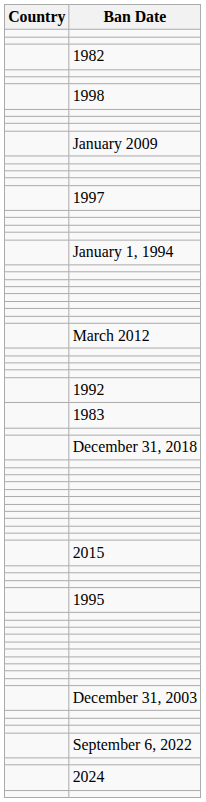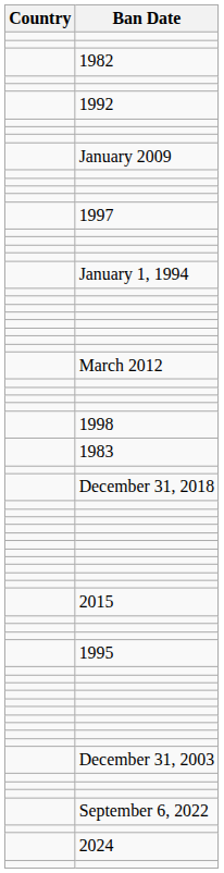 <table class="wikitable sortable">
 <tr>
 <th>Country</th>
 <th>Ban Date</th>
 </tr>
 <tr>
 <td></td>
 <td></td>
 </tr>
 <tr>
 <td></td>
 <td></td>
 </tr>
 <tr>
 <td></td>
 <td>1982</td>
 </tr>
 <tr>
 <td></td>
 <td></td>
 </tr>
 <tr>
 <td></td>
 <td></td>
 </tr>
 <tr>
 <td></td>
-<td>1998</td>
+<td>1992</td>
 </tr>
 <tr>
 <td></td>
 <td></td>
 </tr>
 <tr>
 <td></td>
 <td></td>
 </tr>
 <tr>
 <td></td>
 <td></td>
 </tr>
 <tr>
 <td></td>
 <td>January 2009</td>
 </tr>
 <tr>
 <td></td>
 <td></td>
 </tr>
 <tr>
 <td></td>
 <td></td>
 </tr>
 <tr>
 <td></td>
 <td></td>
 </tr>
 <tr>
 <td></td>
 <td></td>
 </tr>
 <tr>
 <td></td>
 <td>1997</td>
 </tr>
 <tr>
 <td></td>
 <td></td>
 </tr>
 <tr>
 <td></td>
 <td></td>
 </tr>
 <tr>
 <td></td>
 <td></td>
 </tr>
 <tr>
 <td></td>
 <td></td>
 </tr>
 <tr>
 <td></td>
 <td>January 1, 1994</td>
 </tr>
 <tr>
 <td></td>
 <td></td>
 </tr>
 <tr>
 <td></td>
 <td></td>
 </tr>
 <tr>
 <td></td>
 <td></td>
 </tr>
 <tr>
 <td></td>
 <td></td>
 </tr>
 <tr>
 <td></td>
 <td></td>
 </tr>
 <tr>
 <td></td>
 <td></td>
 </tr>
 <tr>
 <td></td>
 <td></td>
 </tr>
 <tr>
 <td></td>
 <td></td>
 </tr>
 <tr>
 <td></td>
 <td>March 2012</td>
 </tr>
 <tr>
 <td></td>
 <td></td>
 </tr>
 <tr>
 <td></td>
 <td></td>
 </tr>
 <tr>
 <td></td>
 <td></td>
 </tr>
 <tr>
 <td></td>
 <td></td>
 </tr>
 <tr>
 <td></td>
-<td>1992</td>
+<td>1998</td>
 </tr>
 <tr>
 <td></td>
 <td>1983</td>
 </tr>
 <tr>
 <td></td>
 <td></td>
 </tr>
 <tr>
 <td></td>
 <td>December 31, 2018</td>
 </tr>
 <tr>
 <td></td>
 <td></td>
 </tr>
 <tr>
 <td></td>
 <td></td>
 </tr>
 <tr>
 <td></td>
 <td></td>
 </tr>
 <tr>
 <td></td>
 <td></td>
 </tr>
 <tr>
 <td></td>
 <td></td>
 </tr>
 <tr>
 <td></td>
 <td></td>
 </tr>
 <tr>
 <td></td>
 <td></td>
 </tr>
 <tr>
 <td></td>
 <td></td>
 </tr>
 <tr>
 <td></td>
 <td></td>
 </tr>
 <tr>
 <td></td>
 <td></td>
 </tr>
 <tr>
 <td></td>
 <td></td>
 </tr>
 <tr>
 <td></td>
 <td>2015</td>
 </tr>
 <tr>
 <td></td>
 <td></td>
 </tr>
 <tr>
 <td></td>
 <td></td>
 </tr>
 <tr>
 <td></td>
 <td></td>
 </tr>
 <tr>
 <td></td>
 <td>1995</td>
 </tr>
 <tr>
 <td></td>
 <td></td>
 </tr>
 <tr>
 <td></td>
 <td></td>
 </tr>
 <tr>
 <td></td>
 <td></td>
 </tr>
 <tr>
 <td></td>
 <td></td>
 </tr>
 <tr>
 <td></td>
 <td></td>
 </tr>
 <tr>
 <td></td>
 <td></td>
 </tr>
 <tr>
 <td></td>
 <td></td>
 </tr>
 <tr>
 <td></td>
 <td></td>
 </tr>
 <tr>
 <td></td>
 <td></td>
 </tr>
 <tr>
 <td></td>
 <td></td>
 </tr>
 <tr>
 <td></td>
 <td>December 31, 2003</td>
 </tr>
 <tr>
 <td></td>
 <td></td>
 </tr>
 <tr>
 <td></td>
 <td></td>
 </tr>
 <tr>
 <td></td>
 <td></td>
 </tr>
 <tr>
 <td></td>
 <td>September 6, 2022</td>
 </tr>
 <tr>
 <td></td>
 <td></td>
 </tr>
 <tr>
 <td></td>
 <td>2024</td>
 </tr>
 <tr>
 <td></td>
 <td></td>
 </tr>
 </table>
